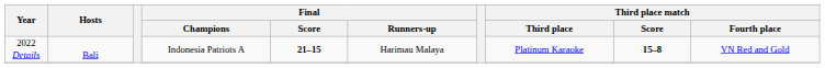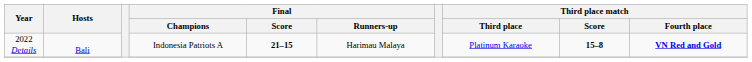 <table class="wikitable" style="font-size:90%; width: 98%; text-align: center;">
 <tr>
 <th rowspan=2 width=5%>Year</th>
 <th rowspan=2 width=10%>Hosts</th>
 <th width=1% rowspan=9 bgcolor=ffffff></th>
 <th colspan=3>Final</th>
 <th width=1% rowspan=9 bgcolor=ffffff></th>
 <th colspan=3>Third place match</th>
 </tr>
 <tr>
 <th width=15%>Champions</th>
 <th width=9%>Score</th>
 <th width=15%>Runners-up</th>
 <th width=15%>Third place</th>
 <th width=9%>Score</th>
 <th width=15%>Fourth place</th>
 </tr>
 <tr>
 <td>2022<br><em><a href='#'>Details</a></em></td>
 <td><br><a href='#'>Bali</a></td>
 <td> Indonesia Patriots A</td>
 <td><strong>21–15</strong></td>
 <td> Harimau Malaya</td>
 <td> <a href='#'>Platinum Karaoke</a></td>
 <td><strong>15–8</strong></td>
-<td> <a href='#'>VN Red and Gold</a></td>
+<td><strong> <a href='#'>VN Red and Gold</a></strong></td>
 </tr>
 <tr>
 </tr>
 </table>
